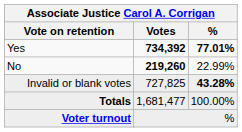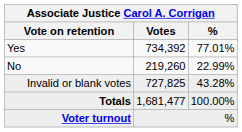 <table class="wikitable" style="font-size: 95%;">
 <tr style="background-color:#E9E9E9">
 <th colspan=7>Associate Justice <a href='#'>Carol A. Corrigan</a></th>
 </tr>
 <tr style="background-color:#E9E9E9">
 <th style="width: 170px">Vote on retention</th>
 <th style="width: 50px">Votes</th>
 <th style="width: 40px">%</th>
 </tr>
 <tr>
 <td>Yes</td>
-<td align="right"><strong>734,392</strong></td>
-<td align="right"><strong>77.01%</strong></td>
+<td align="right">734,392</td>
+<td align="right">77.01%</td>
 </tr>
 <tr>
 <td>No</td>
-<td align="right"><strong>219,260</strong></td>
+<td align="right">219,260</td>
 <td align="right">22.99%</td>
 </tr>
 <tr style="background-color:#EEEEEE">
 <td align="right">Invalid or blank votes</td>
 <td align="right">727,825</td>
-<td align="right"><strong>43.28%</strong></td>
+<td align="right">43.28%</td>
 </tr>
 <tr style="background-color:#EEEEEE">
 <td colspan="1" align="right"><strong>Totals</strong></td>
 <td align="right">1,681,477</td>
 <td align="right">100.00%</td>
 </tr>
 <tr style="background-color:#EEEEEE">
 <td align="right"><strong><a href='#'>Voter turnout</a></strong></td>
 <td colspan="2" align="right">%</td>
 </tr>
 </table>
